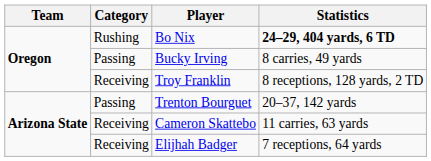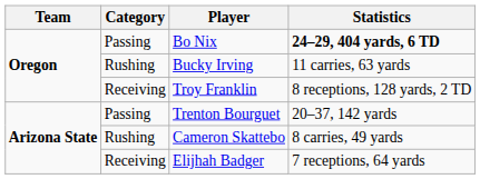 <table class="wikitable" style="float: right;">
 <tr>
 <th>Team</th>
 <th>Category</th>
 <th>Player</th>
 <th>Statistics</th>
 </tr>
 <tr>
 <td rowspan=3><strong>Oregon</strong></td>
-<td>Rushing</td>
+<td>Passing</td>
 <td><a href='#'>Bo Nix</a></td>
 <td><strong>24–29, 404 yards, 6 TD</strong></td>
 </tr>
 <tr>
-<td>Passing</td>
+<td>Rushing</td>
 <td><a href='#'>Bucky Irving</a></td>
-<td>8 carries, 49 yards</td>
+<td>11 carries, 63 yards</td>
 </tr>
 <tr>
 <td>Receiving</td>
 <td><a href='#'>Troy Franklin</a></td>
 <td>8 receptions, 128 yards, 2 TD</td>
 </tr>
 <tr>
 <td rowspan=3><strong>Arizona State</strong></td>
 <td>Passing</td>
 <td><a href='#'>Trenton Bourguet</a></td>
 <td>20–37, 142 yards</td>
 </tr>
 <tr>
-<td>Receiving</td>
+<td>Rushing</td>
 <td><a href='#'>Cameron Skattebo</a></td>
-<td>11 carries, 63 yards</td>
+<td>8 carries, 49 yards</td>
 </tr>
 <tr>
 <td>Receiving</td>
 <td><a href='#'>Elijhah Badger</a></td>
 <td>7 receptions, 64 yards</td>
 </tr>
 </table>
